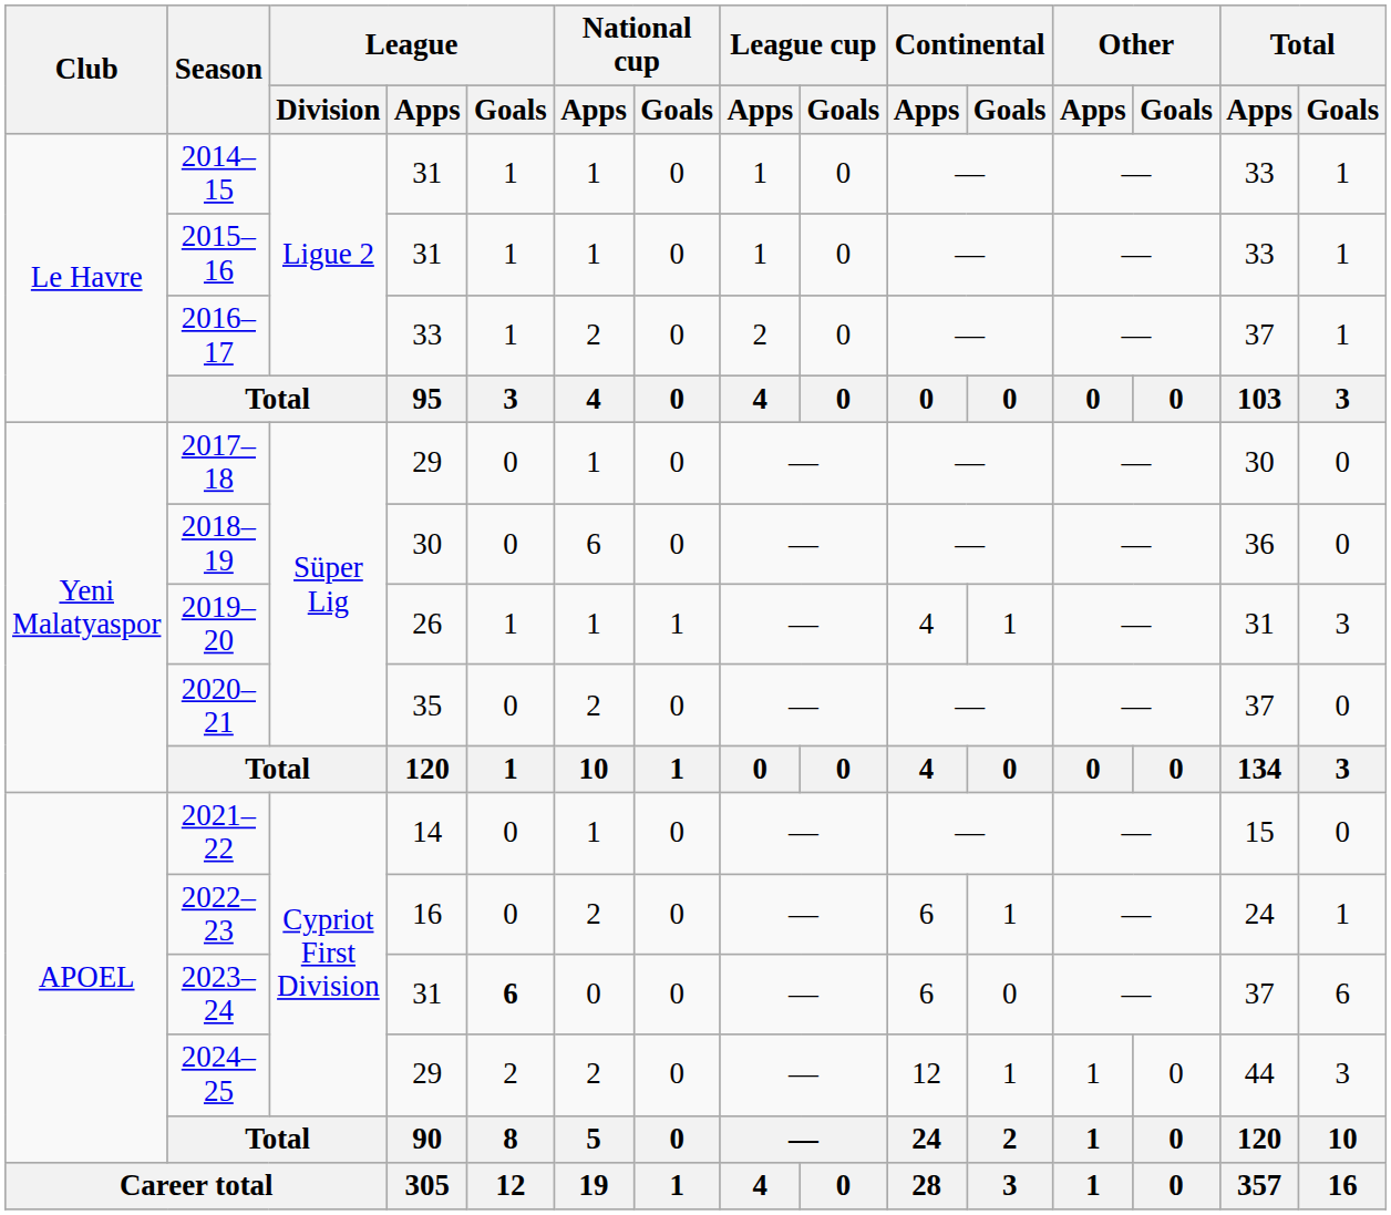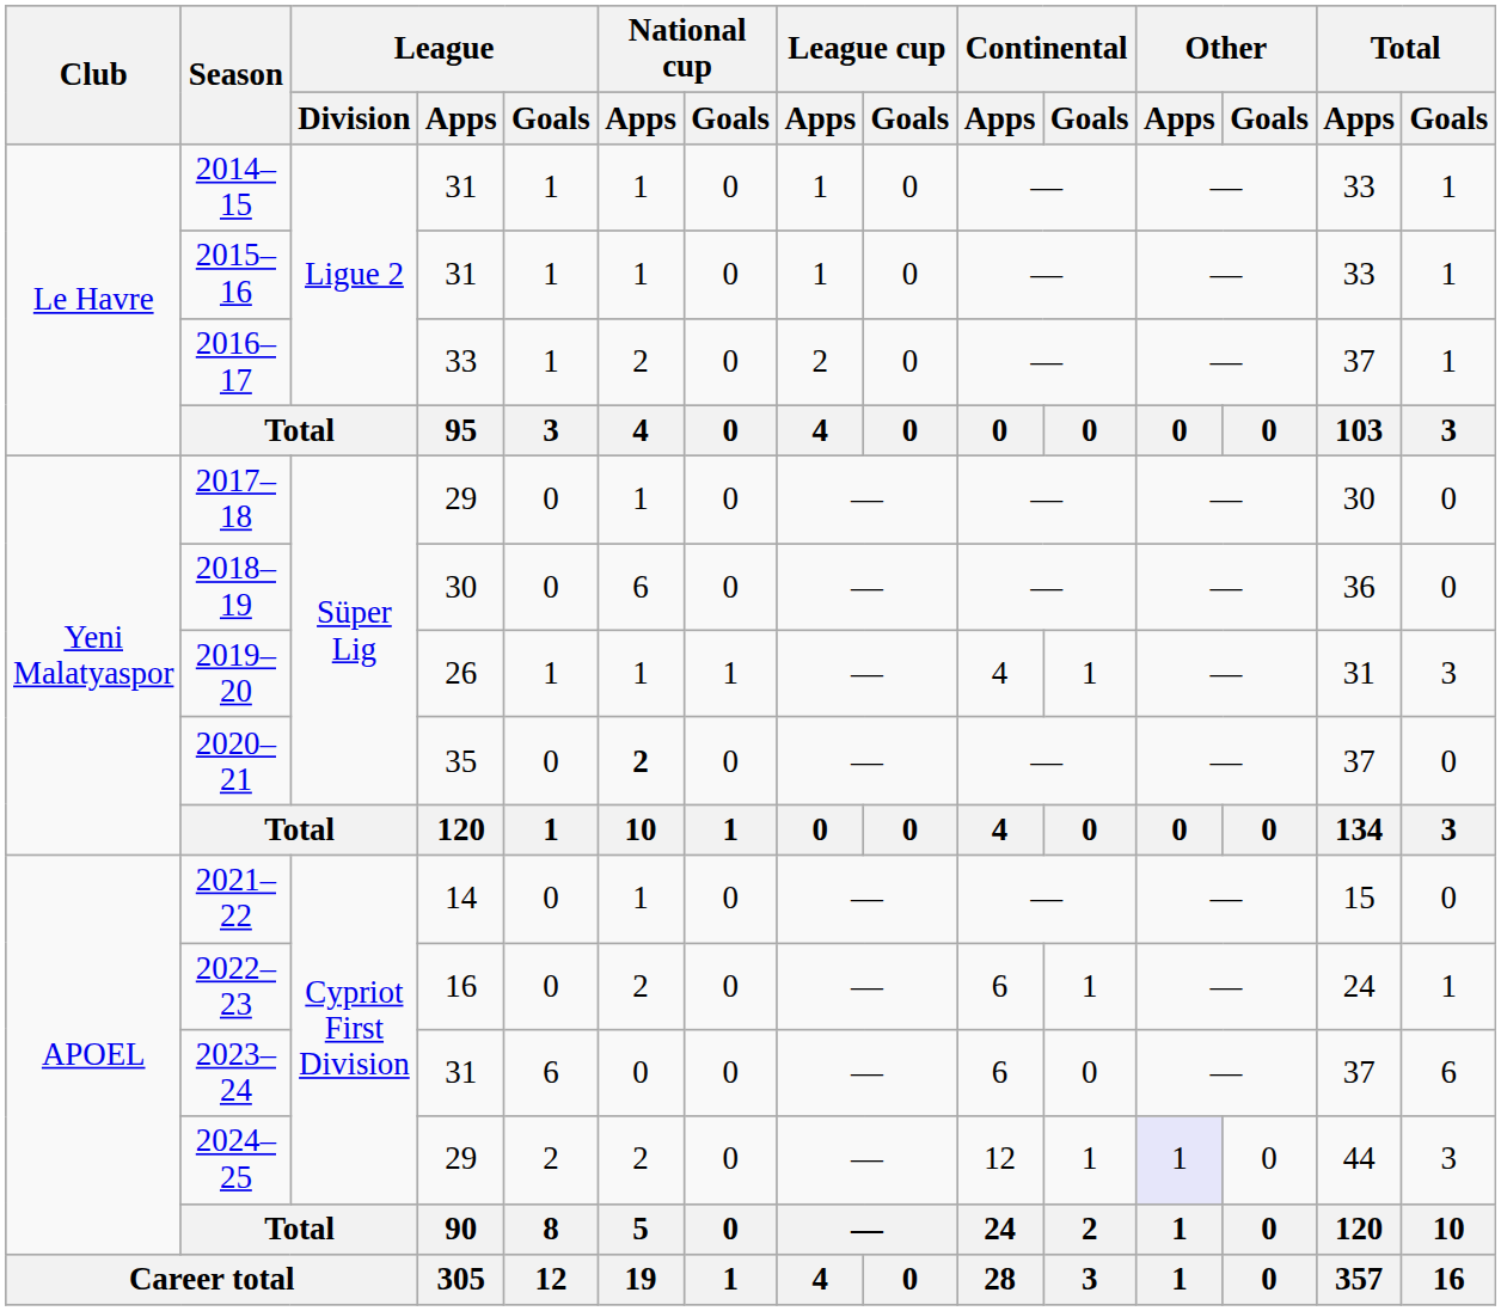 <table class="wikitable" style="text-align:center">
 <tr>
 <th rowspan="2">Club</th>
 <th rowspan="2">Season</th>
 <th colspan="3">League</th>
 <th colspan="2">National cup</th>
 <th colspan="2">League cup</th>
 <th colspan="2">Continental</th>
 <th colspan="2">Other</th>
 <th colspan="2">Total</th>
 </tr>
 <tr>
 <th>Division</th>
 <th>Apps</th>
 <th>Goals</th>
 <th>Apps</th>
 <th>Goals</th>
 <th>Apps</th>
 <th>Goals</th>
 <th>Apps</th>
 <th>Goals</th>
 <th>Apps</th>
 <th>Goals</th>
 <th>Apps</th>
 <th>Goals</th>
 </tr>
 <tr>
 <td rowspan="4"><a href='#'>Le Havre</a></td>
 <td><a href='#'>2014–15</a></td>
 <td rowspan="3"><a href='#'>Ligue 2</a></td>
 <td>31</td>
 <td>1</td>
 <td>1</td>
 <td>0</td>
 <td>1</td>
 <td>0</td>
 <td colspan="2">—</td>
 <td colspan="2">—</td>
 <td>33</td>
 <td>1</td>
 </tr>
 <tr>
 <td><a href='#'>2015–16</a></td>
 <td>31</td>
 <td>1</td>
 <td>1</td>
 <td>0</td>
 <td>1</td>
 <td>0</td>
 <td colspan="2">—</td>
 <td colspan="2">—</td>
 <td>33</td>
 <td>1</td>
 </tr>
 <tr>
 <td><a href='#'>2016–17</a></td>
 <td>33</td>
 <td>1</td>
 <td>2</td>
 <td>0</td>
 <td>2</td>
 <td>0</td>
 <td colspan="2">—</td>
 <td colspan="2">—</td>
 <td>37</td>
 <td>1</td>
 </tr>
 <tr>
 <th colspan="2">Total</th>
 <th>95</th>
 <th>3</th>
 <th>4</th>
 <th>0</th>
 <th>4</th>
 <th>0</th>
 <th>0</th>
 <th>0</th>
 <th>0</th>
 <th>0</th>
 <th>103</th>
 <th>3</th>
 </tr>
 <tr>
 <td rowspan="5"><a href='#'>Yeni Malatyaspor</a></td>
 <td><a href='#'>2017–18</a></td>
 <td rowspan="4"><a href='#'>Süper Lig</a></td>
 <td>29</td>
 <td>0</td>
 <td>1</td>
 <td>0</td>
 <td colspan="2">—</td>
 <td colspan="2">—</td>
 <td colspan="2">—</td>
 <td>30</td>
 <td>0</td>
 </tr>
 <tr>
 <td><a href='#'>2018–19</a></td>
 <td>30</td>
 <td>0</td>
 <td>6</td>
 <td>0</td>
 <td colspan="2">—</td>
 <td colspan="2">—</td>
 <td colspan="2">—</td>
 <td>36</td>
 <td>0</td>
 </tr>
 <tr>
 <td><a href='#'>2019–20</a></td>
 <td>26</td>
 <td>1</td>
 <td>1</td>
 <td>1</td>
 <td colspan="2">—</td>
 <td>4</td>
 <td>1</td>
 <td colspan="2">—</td>
 <td>31</td>
 <td>3</td>
 </tr>
 <tr>
 <td><a href='#'>2020–21</a></td>
 <td>35</td>
 <td>0</td>
-<td>2</td>
+<td><strong>2</strong></td>
 <td>0</td>
 <td colspan="2">—</td>
 <td colspan="2">—</td>
 <td colspan="2">—</td>
 <td>37</td>
 <td>0</td>
 </tr>
 <tr>
 <th colspan="2">Total</th>
 <th>120</th>
 <th>1</th>
 <th>10</th>
 <th>1</th>
 <th>0</th>
 <th>0</th>
 <th>4</th>
 <th>0</th>
 <th>0</th>
 <th>0</th>
 <th>134</th>
 <th>3</th>
 </tr>
 <tr>
 <td rowspan="5"><a href='#'>APOEL</a></td>
 <td><a href='#'>2021–22</a></td>
 <td rowspan="4"><a href='#'>Cypriot First Division</a></td>
 <td>14</td>
 <td>0</td>
 <td>1</td>
 <td>0</td>
 <td colspan="2">—</td>
 <td colspan="2">—</td>
 <td colspan="2">—</td>
 <td>15</td>
 <td>0</td>
 </tr>
 <tr>
 <td><a href='#'>2022–23</a></td>
 <td>16</td>
 <td>0</td>
 <td>2</td>
 <td>0</td>
 <td colspan="2">—</td>
 <td>6</td>
 <td>1</td>
 <td colspan="2">—</td>
 <td>24</td>
 <td>1</td>
 </tr>
 <tr>
 <td><a href='#'>2023–24</a></td>
 <td>31</td>
-<td><strong>6</strong></td>
+<td>6</td>
 <td>0</td>
 <td>0</td>
 <td colspan="2">—</td>
 <td>6</td>
 <td>0</td>
 <td colspan="2">—</td>
 <td>37</td>
 <td>6</td>
 </tr>
 <tr>
 <td><a href='#'>2024–25</a></td>
 <td>29</td>
 <td>2</td>
 <td>2</td>
 <td>0</td>
 <td colspan="2">—</td>
 <td>12</td>
 <td>1</td>
-<td>1</td>
+<td style="background: lavender;">1</td>
 <td>0</td>
 <td>44</td>
 <td>3</td>
 </tr>
 <tr>
 <th colspan="2">Total</th>
 <th>90</th>
 <th>8</th>
 <th>5</th>
 <th>0</th>
 <th colspan="2">—</th>
 <th>24</th>
 <th>2</th>
 <th>1</th>
 <th>0</th>
 <th>120</th>
 <th>10</th>
 </tr>
 <tr>
 <th colspan="3">Career total</th>
 <th>305</th>
 <th>12</th>
 <th>19</th>
 <th>1</th>
 <th>4</th>
 <th>0</th>
 <th>28</th>
 <th>3</th>
 <th>1</th>
 <th>0</th>
 <th>357</th>
 <th>16</th>
 </tr>
 </table>
